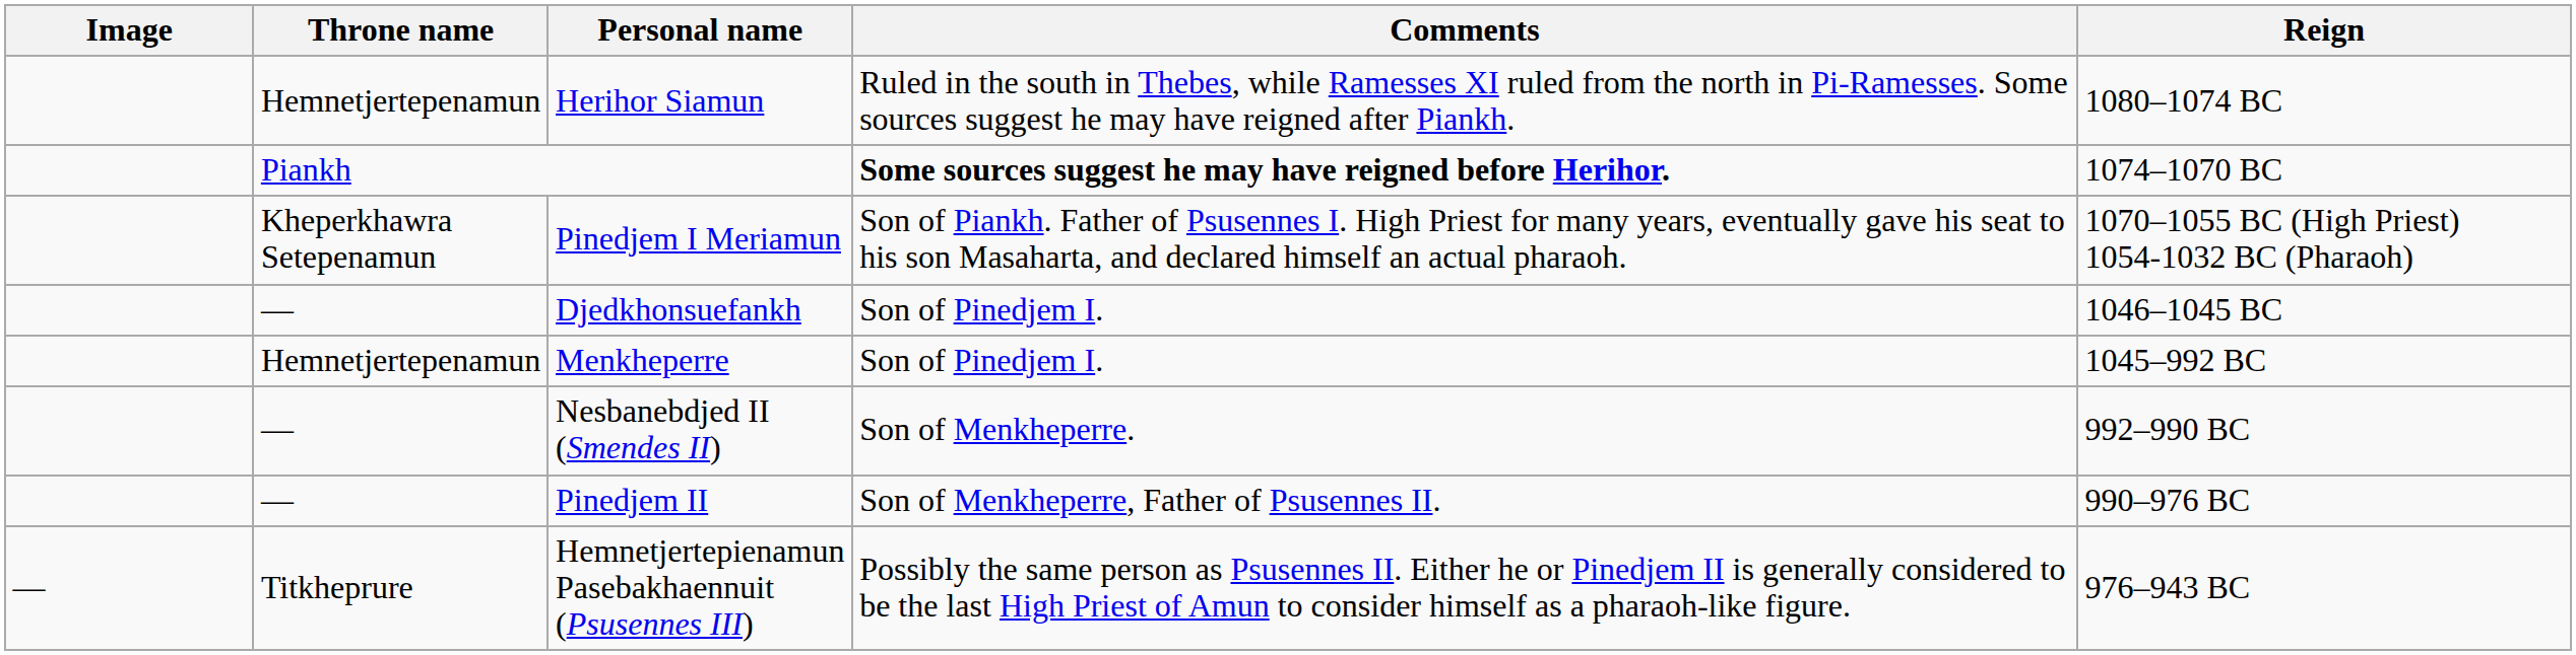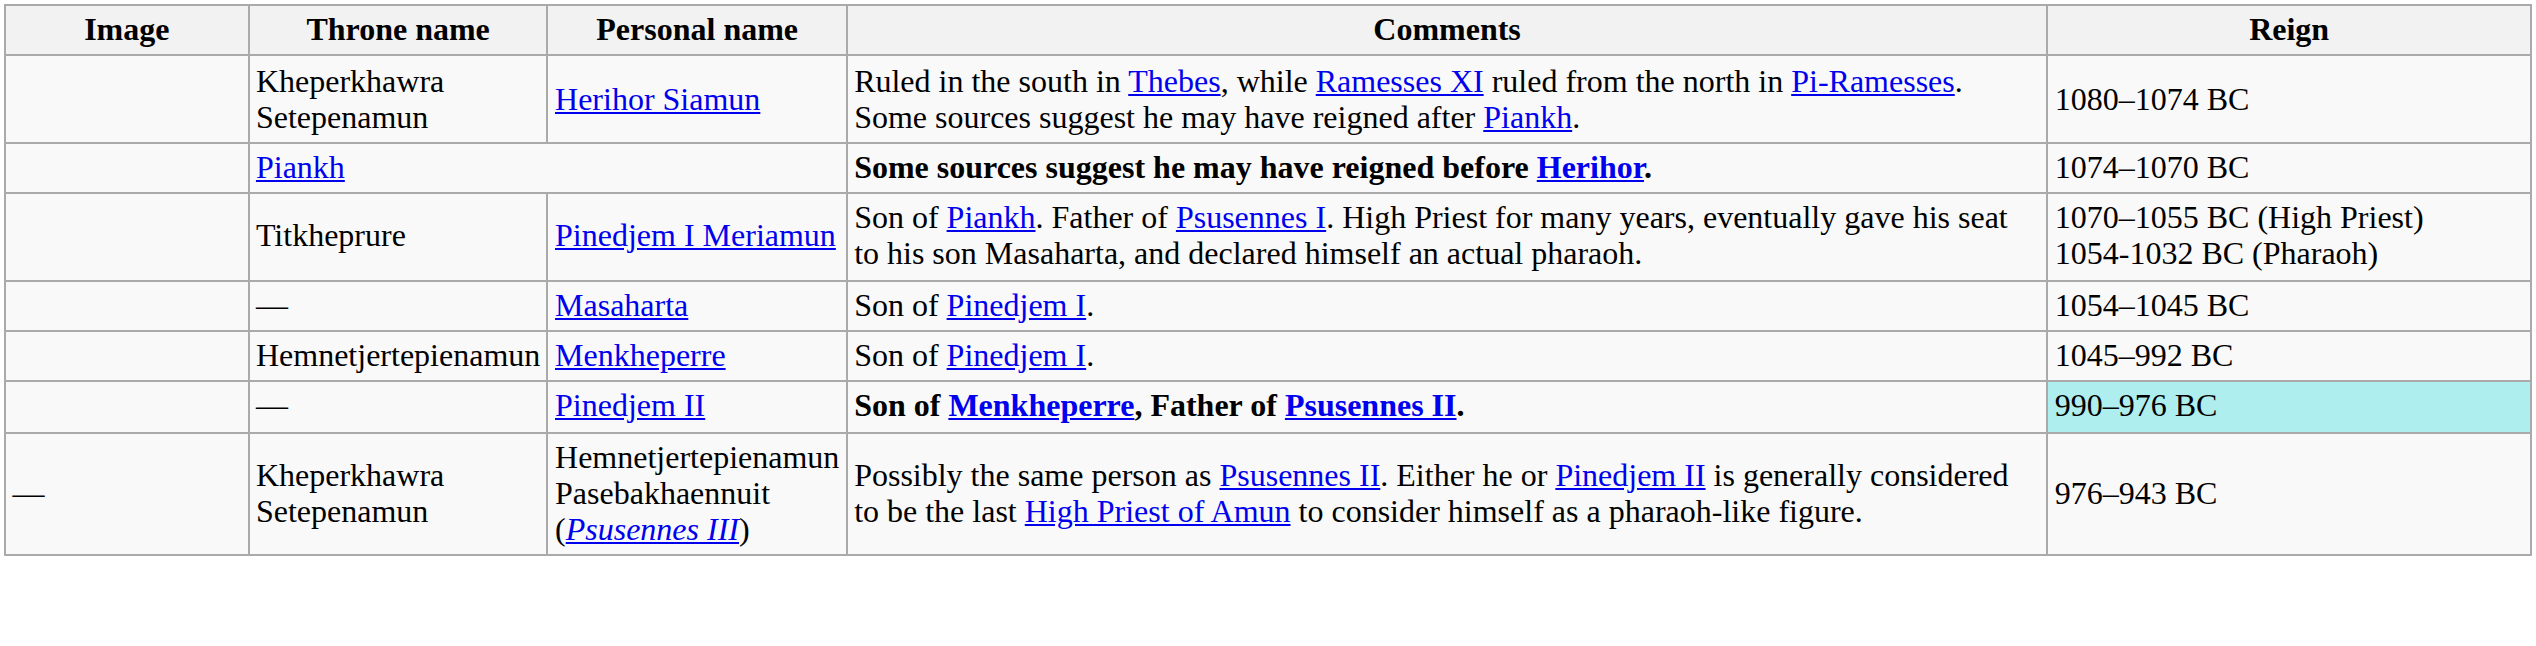 <table class="wikitable" width="100%">
 <tr>
 <th width="10%">Image</th>
 <th width="10%">Throne name</th>
 <th width="10%">Personal name</th>
 <th width="50%">Comments</th>
 <th width="20%">Reign</th>
 </tr>
 <tr>
 <td></td>
-<td>Hemnetjertepenamun</td>
+<td>Kheperkhawra Setepenamun</td>
 <td><a href='#'>Herihor Siamun</a></td>
 <td>Ruled in the south in <a href='#'>Thebes</a>, while <a href='#'>Ramesses XI</a> ruled from the north in <a href='#'>Pi-Ramesses</a>. Some sources suggest he may have reigned after <a href='#'>Piankh</a>.</td>
 <td>1080–1074 BC</td>
 </tr>
 <tr>
 <td></td>
 <td colspan="2"><a href='#'>Piankh</a></td>
 <td><strong>Some sources suggest he may have reigned before <a href='#'>Herihor</a>.</strong></td>
 <td>1074–1070 BC</td>
 </tr>
 <tr>
 <td></td>
-<td>Kheperkhawra Setepenamun</td>
+<td>Titkheprure</td>
 <td><a href='#'>Pinedjem I Meriamun</a></td>
 <td>Son of <a href='#'>Piankh</a>. Father of <a href='#'>Psusennes I</a>. High Priest for many years, eventually gave his seat to his son Masaharta, and declared himself an actual pharaoh.</td>
 <td>1070–1055 BC (High Priest)<br>1054-1032 BC (Pharaoh)</td>
 </tr>
 <tr>
 <td></td>
 <td>—</td>
-<td><a href='#'>Djedkhonsuefankh</a></td>
+<td><a href='#'>Masaharta</a></td>
 <td>Son of <a href='#'>Pinedjem I</a>.</td>
-<td>1046–1045 BC</td>
+<td>1054–1045 BC</td>
 </tr>
 <tr>
 <td></td>
-<td>Hemnetjertepenamun</td>
+<td>Hemnetjertepienamun</td>
 <td><a href='#'>Menkheperre</a></td>
 <td>Son of <a href='#'>Pinedjem I</a>.</td>
 <td>1045–992 BC</td>
 </tr>
 <tr>
 <td></td>
 <td>—</td>
-<td>Nesbanebdjed II (<em><a href='#'>Smendes II</a></em>)</td>
-<td>Son of <a href='#'>Menkheperre</a>.</td>
-<td>992–990 BC</td>
-</tr>
-<tr>
-<td></td>
-<td>—</td>
 <td><a href='#'>Pinedjem II</a></td>
-<td>Son of <a href='#'>Menkheperre</a>, Father of <a href='#'>Psusennes II</a>.</td>
-<td>990–976 BC</td>
+<td><strong>Son of <a href='#'>Menkheperre</a>, Father of <a href='#'>Psusennes II</a>.</strong></td>
+<td style="background: paleturquoise;">990–976 BC</td>
 </tr>
 <tr>
 <td>—</td>
-<td>Titkheprure</td>
+<td>Kheperkhawra Setepenamun</td>
 <td>Hemnetjertepienamun Pasebakhaennuit (<em><a href='#'>Psusennes III</a></em>)</td>
 <td>Possibly the same person as <a href='#'>Psusennes II</a>. Either he or <a href='#'>Pinedjem II</a> is generally considered to be the last <a href='#'>High Priest of Amun</a> to consider himself as a pharaoh-like figure.</td>
 <td>976–943 BC</td>
 </tr>
 </table>
